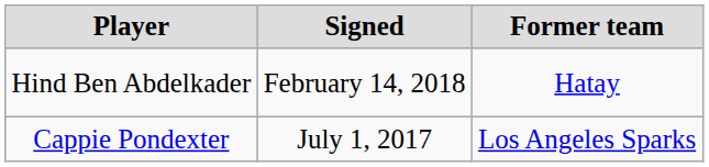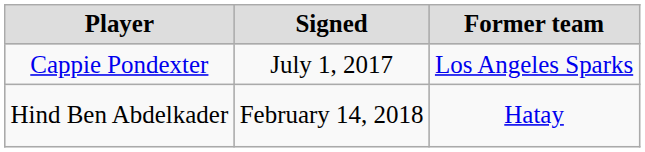 <table class="wikitable" style="text-align: center">
 <tr align="center" bgcolor="#dddddd">
 <td><strong>Player</strong></td>
 <td><strong>Signed</strong></td>
 <td><strong>Former team</strong></td>
 </tr>
+<tr>
+<td><a href='#'>Cappie Pondexter</a></td>
+<td>July 1, 2017</td>
+<td><a href='#'>Los Angeles Sparks</a></td>
+</tr>
 <tr style="height:40px">
 <td>Hind Ben Abdelkader</td>
 <td>February 14, 2018</td>
 <td><a href='#'>Hatay</a></td>
 </tr>
-<tr>
-<td><a href='#'>Cappie Pondexter</a></td>
-<td>July 1, 2017</td>
-<td><a href='#'>Los Angeles Sparks</a></td>
-</tr>
 </table>
